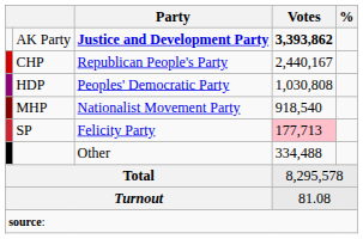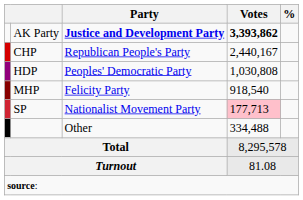 <table class="wikitable">
 <tr>
 <th colspan="2" align="center"></th>
 <th align="center">Party</th>
 <th align="center">Votes</th>
 <th align="center">%</th>
 </tr>
 <tr align="left">
 <td></td>
 <td>AK Party</td>
 <td><strong><a href='#'>Justice and Development Party</a></strong></td>
 <td><strong>3,393,862</strong></td>
 <td><strong></strong></td>
 </tr>
 <tr align="left">
 <td bgcolor="#d50000" width="1"></td>
 <td>CHP</td>
 <td><a href='#'>Republican People's Party</a></td>
 <td>2,440,167</td>
 <td></td>
 </tr>
 <tr align="left">
 <td bgcolor="#91007B" width="1"></td>
 <td>HDP</td>
 <td><a href='#'>Peoples' Democratic Party</a></td>
 <td>1,030,808</td>
 <td></td>
 </tr>
 <tr align="left">
 <td bgcolor="#870000" width="1"></td>
 <td>MHP</td>
-<td><a href='#'>Nationalist Movement Party</a></td>
+<td><a href='#'>Felicity Party</a></td>
 <td>918,540</td>
 <td></td>
 </tr>
 <tr align="left">
 <td bgcolor="#D02433" width="1"></td>
 <td>SP</td>
-<td><a href='#'>Felicity Party</a></td>
+<td><a href='#'>Nationalist Movement Party</a></td>
 <td style="background: pink;">177,713</td>
 <td></td>
 </tr>
 <tr align="left">
 <td bgcolor=" " width="1"></td>
 <td></td>
 <td>Other</td>
 <td>334,488</td>
 <td></td>
 </tr>
 <tr align="left" style="background-color:#E9E9E9">
 <th colspan="3" align="center"><strong>Total</strong></th>
 <td colspan="5" align="center">8,295,578</td>
 </tr>
 <tr align="left" style="background-color:#E9E9E9">
 <th colspan="3" align="center"><em>Turnout</em></th>
 <td colspan="5" align="center">81.08</td>
 </tr>
 <tr>
 <td colspan="9" align="left"><small><strong>source</strong>: </small></td>
 </tr>
 </table>
